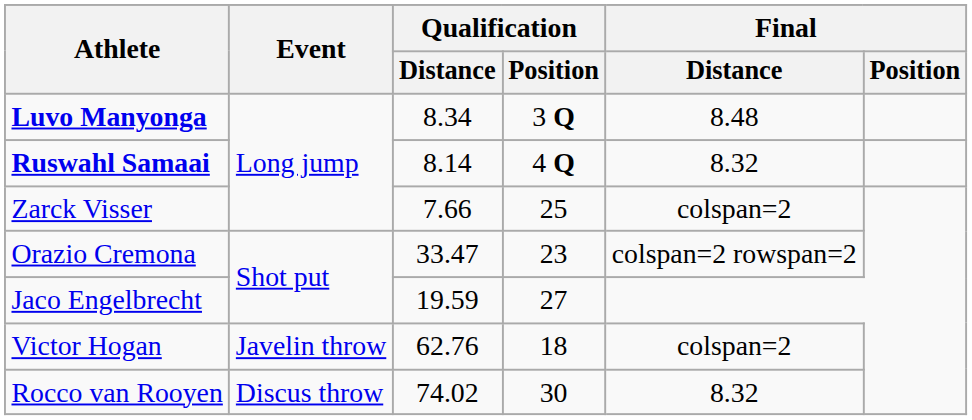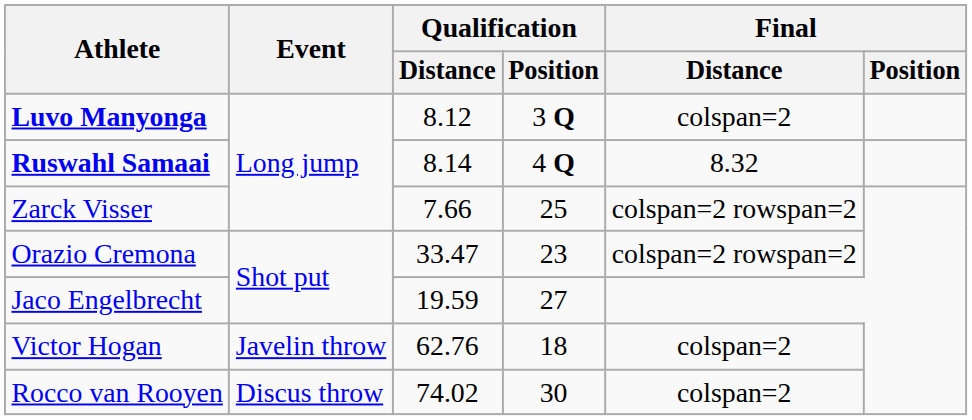 <table class=wikitable style="font-size:90%">
 <tr>
 <th rowspan="2">Athlete</th>
 <th rowspan="2">Event</th>
 <th colspan="2">Qualification</th>
 <th colspan="2">Final</th>
 </tr>
 <tr style="font-size:95%">
 <th>Distance</th>
 <th>Position</th>
 <th>Distance</th>
 <th>Position</th>
 </tr>
 <tr style=text-align:center>
 <td style=text-align:left><strong><a href='#'>Luvo Manyonga</a></strong></td>
 <td style=text-align:left rowspan=3><a href='#'>Long jump</a></td>
-<td>8.34</td>
+<td>8.12</td>
 <td>3 <strong>Q</strong></td>
-<td>8.48</td>
+<td>colspan=2 </td>
 <td></td>
 </tr>
 <tr style=text-align:center>
 <td style=text-align:left><strong><a href='#'>Ruswahl Samaai</a></strong></td>
 <td>8.14</td>
 <td>4 <strong>Q</strong></td>
 <td>8.32</td>
 <td></td>
 </tr>
 <tr style=text-align:center>
 <td style=text-align:left><a href='#'>Zarck Visser</a></td>
 <td>7.66</td>
 <td>25</td>
-<td>colspan=2 </td>
+<td>colspan=2 rowspan=2 </td>
 </tr>
 <tr style=text-align:center>
 <td style=text-align:left><a href='#'>Orazio Cremona</a></td>
 <td style=text-align:left rowspan=2><a href='#'>Shot put</a></td>
 <td>33.47</td>
 <td>23</td>
 <td>colspan=2 rowspan=2 </td>
 </tr>
 <tr style=text-align:center>
 <td style=text-align:left><a href='#'>Jaco Engelbrecht</a></td>
 <td>19.59</td>
 <td>27</td>
 </tr>
 <tr style=text-align:center>
 <td style=text-align:left><a href='#'>Victor Hogan</a></td>
 <td style=text-align:left><a href='#'>Javelin throw</a></td>
 <td>62.76</td>
 <td>18</td>
 <td>colspan=2 </td>
 </tr>
 <tr style=text-align:center>
 <td style=text-align:left><a href='#'>Rocco van Rooyen</a></td>
 <td style=text-align:left><a href='#'>Discus throw</a></td>
 <td>74.02</td>
 <td>30</td>
-<td>8.32</td>
+<td>colspan=2 </td>
 </tr>
 </table>
